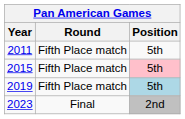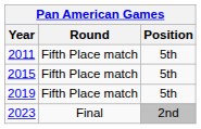 <table class="wikitable" style="text-align: center;">
 <tr>
 <th colspan=3><a href='#'>Pan American Games</a></th>
 </tr>
 <tr>
 <th>Year</th>
 <th>Round</th>
 <th>Position</th>
 </tr>
 <tr>
 <td> <a href='#'>2011</a></td>
 <td>Fifth Place match</td>
 <td>5th</td>
 </tr>
 <tr>
 <td> <a href='#'>2015</a></td>
 <td>Fifth Place match</td>
-<td style="background: pink;">5th</td>
+<td>5th</td>
 </tr>
 <tr>
 <td> <a href='#'>2019</a></td>
 <td>Fifth Place match</td>
-<td style="background: lightblue;">5th</td>
+<td>5th</td>
 </tr>
 <tr>
 <td> <a href='#'>2023</a></td>
 <td>Final</td>
 <td style="background-color: silver">2nd</td>
 </tr>
 </table>
